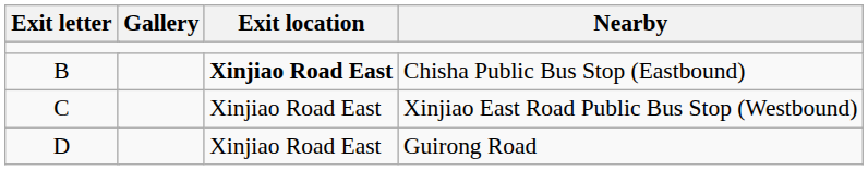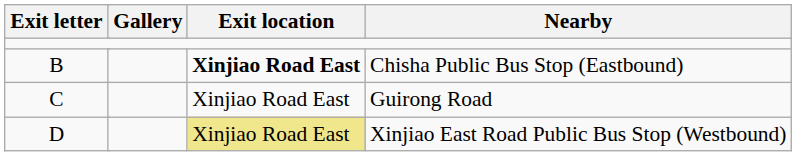 <table class="wikitable">
 <tr>
 <th style="width:70px" colspan="3">Exit letter</th>
 <th>Gallery</th>
 <th>Exit location</th>
 <th>Nearby</th>
 </tr>
 <tr style="background:#">
 <td colspan = "6"></td>
 </tr>
 <tr>
 <td align="center" colspan="3">B</td>
 <td></td>
 <td><strong>Xinjiao Road East</strong></td>
 <td>Chisha Public Bus Stop (Eastbound)</td>
 </tr>
 <tr>
 <td align="center" colspan="3">C</td>
 <td></td>
 <td>Xinjiao Road East</td>
-<td>Xinjiao East Road Public Bus Stop (Westbound)</td>
+<td>Guirong Road</td>
 </tr>
 <tr>
 <td align="center" colspan="3">D</td>
 <td></td>
-<td>Xinjiao Road East</td>
-<td>Guirong Road</td>
+<td style="background: khaki;">Xinjiao Road East</td>
+<td>Xinjiao East Road Public Bus Stop (Westbound)</td>
 </tr>
 </table>
